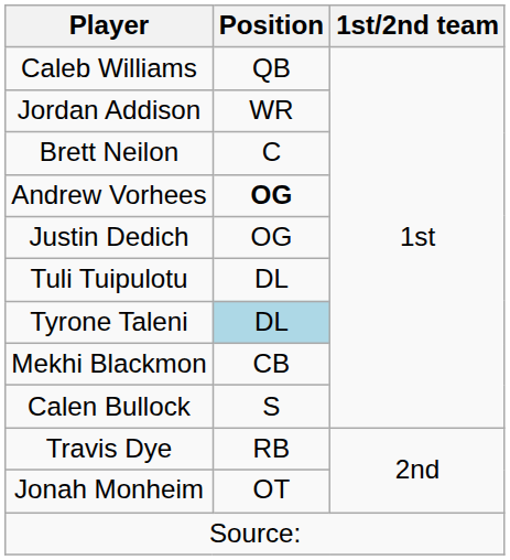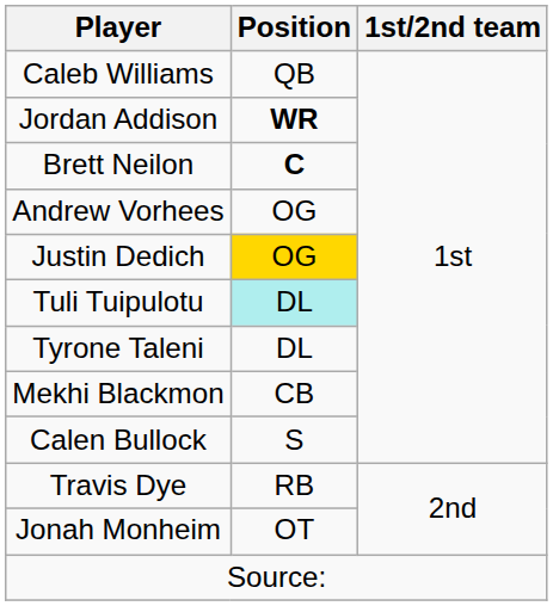 <table class="wikitable" style="text-align: center">
 <tr align=center>
 <th>Player</th>
 <th>Position</th>
 <th>1st/2nd team</th>
 </tr>
 <tr>
 <td>Caleb Williams</td>
 <td>QB</td>
 <td rowspan="9">1st</td>
 </tr>
 <tr>
 <td>Jordan Addison</td>
-<td>WR</td>
+<td><strong>WR</strong></td>
 </tr>
 <tr>
 <td>Brett Neilon</td>
-<td>C</td>
+<td><strong>C</strong></td>
 </tr>
 <tr>
 <td>Andrew Vorhees</td>
-<td><strong>OG</strong></td>
+<td>OG</td>
 </tr>
 <tr>
 <td>Justin Dedich</td>
-<td>OG</td>
+<td style="background: gold;">OG</td>
 </tr>
 <tr>
 <td>Tuli Tuipulotu</td>
-<td>DL</td>
+<td style="background: paleturquoise;">DL</td>
 </tr>
 <tr>
 <td>Tyrone Taleni</td>
-<td style="background: lightblue;">DL</td>
+<td>DL</td>
 </tr>
 <tr>
 <td>Mekhi Blackmon</td>
 <td>CB</td>
 </tr>
 <tr>
 <td>Calen Bullock</td>
 <td>S</td>
 </tr>
 <tr>
 <td>Travis Dye</td>
 <td>RB</td>
 <td rowspan="2">2nd</td>
 </tr>
 <tr>
 <td>Jonah Monheim</td>
 <td>OT</td>
 </tr>
 <tr>
 <td colspan="3">Source:</td>
 </tr>
 </table>
